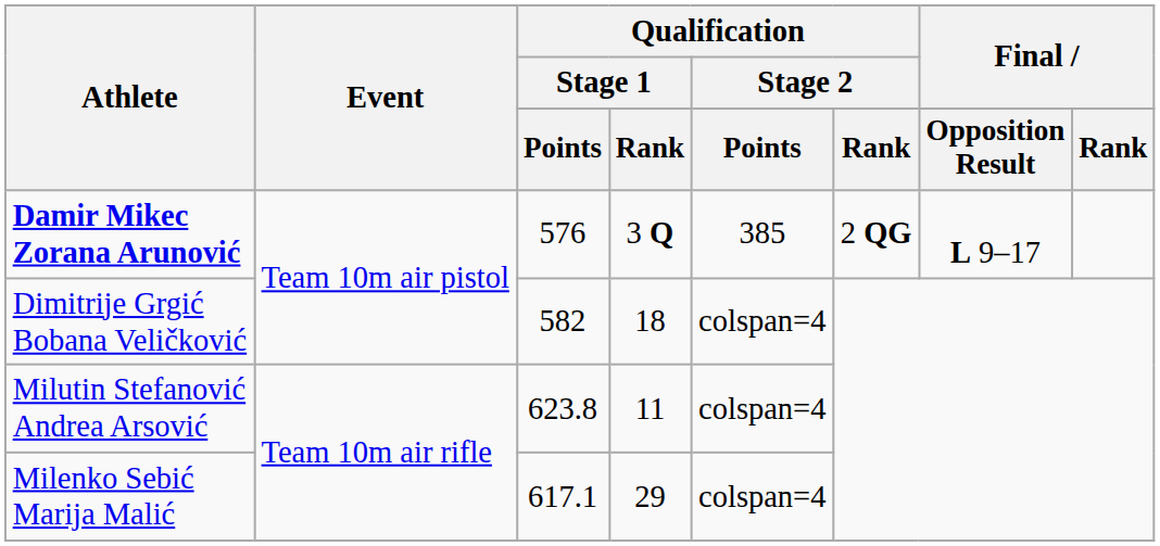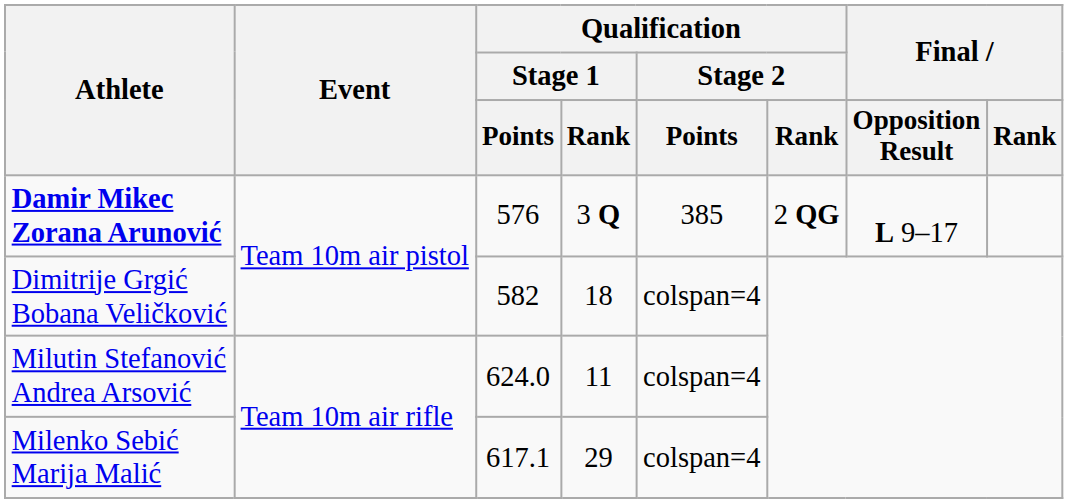 <table class="wikitable" style="text-align:center; font-size:90%">
 <tr>
 <th rowspan=3>Athlete</th>
 <th rowspan=3>Event</th>
 <th colspan=4>Qualification</th>
 <th colspan=2 rowspan=2>Final / </th>
 </tr>
 <tr>
 <th colspan="2">Stage 1</th>
 <th colspan="2">Stage 2</th>
 </tr>
 <tr style="font-size:95%">
 <th>Points</th>
 <th>Rank</th>
 <th>Points</th>
 <th>Rank</th>
 <th>Opposition<br>Result</th>
 <th>Rank</th>
 </tr>
 <tr align=center>
 <td align=left><strong><a href='#'>Damir Mikec</a><br><a href='#'>Zorana Arunović</a></strong></td>
 <td align=left rowspan=2><a href='#'>Team 10m air pistol</a></td>
 <td>576</td>
 <td>3 <strong>Q</strong></td>
 <td>385</td>
 <td>2 <strong>QG</strong></td>
 <td><br><strong>L</strong> 9–17</td>
 <td></td>
 </tr>
 <tr align=center>
 <td align=left><a href='#'>Dimitrije Grgić</a><br><a href='#'>Bobana Veličković</a></td>
 <td>582</td>
 <td>18</td>
 <td>colspan=4</td>
 </tr>
 <tr align=center>
 <td align=left><a href='#'>Milutin Stefanović</a><br><a href='#'>Andrea Arsović</a></td>
 <td align=left rowspan=2><a href='#'>Team 10m air rifle</a></td>
-<td>623.8</td>
+<td>624.0</td>
 <td>11</td>
 <td>colspan=4</td>
 </tr>
 <tr align=center>
 <td align=left><a href='#'>Milenko Sebić</a><br><a href='#'>Marija Malić</a></td>
 <td>617.1</td>
 <td>29</td>
 <td>colspan=4</td>
 </tr>
 </table>
